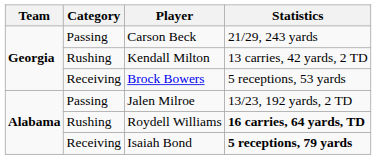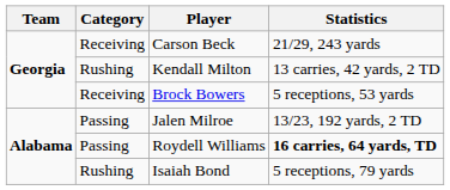 <table class="wikitable" style="float: right;">
 <tr>
 <th>Team</th>
 <th>Category</th>
 <th>Player</th>
 <th>Statistics</th>
 </tr>
 <tr>
 <td rowspan=3><strong>Georgia</strong></td>
-<td>Passing</td>
+<td>Receiving</td>
 <td>Carson Beck</td>
 <td>21/29, 243 yards</td>
 </tr>
 <tr>
 <td>Rushing</td>
 <td>Kendall Milton</td>
 <td>13 carries, 42 yards, 2 TD</td>
 </tr>
 <tr>
 <td>Receiving</td>
 <td><a href='#'>Brock Bowers</a></td>
 <td>5 receptions, 53 yards</td>
 </tr>
 <tr>
 <td rowspan=3><strong>Alabama</strong></td>
 <td>Passing</td>
 <td>Jalen Milroe</td>
 <td>13/23, 192 yards, 2 TD</td>
 </tr>
 <tr>
-<td>Rushing</td>
+<td>Passing</td>
 <td>Roydell Williams</td>
 <td><strong>16 carries, 64 yards, TD</strong></td>
 </tr>
 <tr>
-<td>Receiving</td>
+<td>Rushing</td>
 <td>Isaiah Bond</td>
-<td><strong>5 receptions, 79 yards</strong></td>
+<td>5 receptions, 79 yards</td>
 </tr>
 </table>
